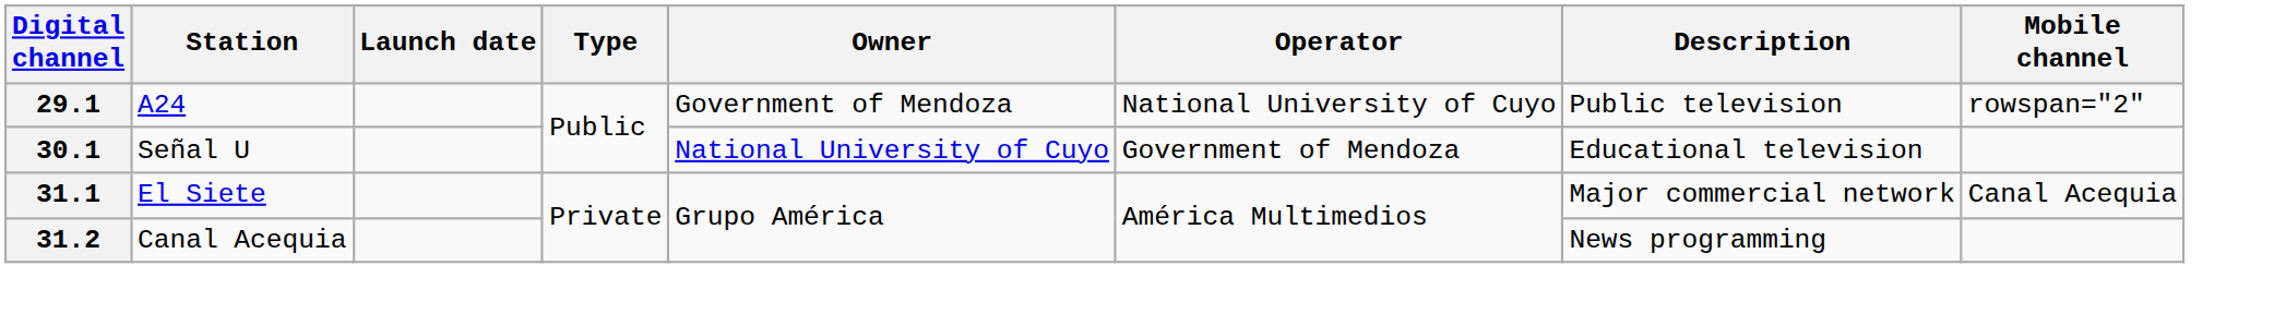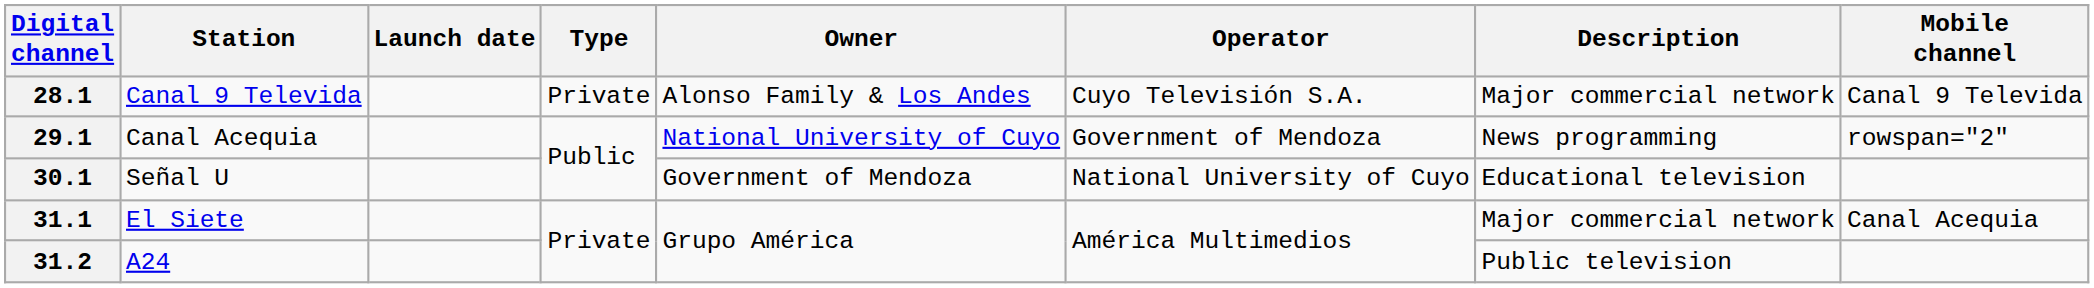 <table class="wikitable sortable" style="font-size: 90%;">
 <tr>
 <th><a href='#'>Digital<br>channel</a></th>
 <th>Station</th>
 <th>Launch date</th>
 <th>Type</th>
 <th>Owner</th>
 <th>Operator</th>
 <th>Description</th>
 <th>Mobile<br>channel</th>
 </tr>
 <tr>
+<th>28.1</th>
+<td><a href='#'>Canal 9 Televida</a> </td>
+<td></td>
+<td>Private</td>
+<td>Alonso Family & <a href='#'>Los Andes</a></td>
+<td>Cuyo Televisión S.A.</td>
+<td>Major commercial network</td>
+<td>Canal 9 Televida</td>
+</tr>
+<tr>
 <th>29.1</th>
-<td><a href='#'>A24</a></td>
+<td>Canal Acequia</td>
 <td></td>
 <td rowspan="2">Public</td>
+<td><a href='#'>National University of Cuyo</a></td>
 <td>Government of Mendoza</td>
-<td>National University of Cuyo</td>
-<td>Public television</td>
+<td>News programming</td>
 <td>rowspan="2" </td>
 </tr>
 <tr>
 <th>30.1</th>
 <td>Señal U</td>
 <td></td>
-<td><a href='#'>National University of Cuyo</a></td>
 <td>Government of Mendoza</td>
+<td>National University of Cuyo</td>
 <td>Educational television</td>
 <td></td>
 </tr>
 <tr>
 <th>31.1</th>
 <td><a href='#'>El Siete</a> </td>
 <td></td>
 <td rowspan="2">Private</td>
 <td rowspan="2">Grupo América</td>
 <td rowspan="2">América Multimedios</td>
 <td>Major commercial network</td>
 <td>Canal Acequia</td>
 </tr>
 <tr>
 <th>31.2</th>
-<td>Canal Acequia</td>
+<td><a href='#'>A24</a></td>
 <td></td>
-<td>News programming</td>
+<td>Public television</td>
 </tr>
 </table>
